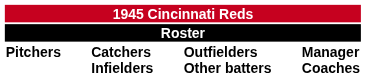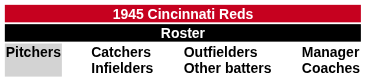 <table class="toccolours" style="font-size: 95%;">
 <tr>
 <th colspan="10" style="background-color: #c6011f; color: white; text-align: center;">1945 Cincinnati Reds</th>
 </tr>
 <tr>
 <td colspan="10" style="background-color: black; color: white; text-align: center;"><strong>Roster</strong></td>
 </tr>
 <tr>
-<td valign="top"><strong>Pitchers</strong><br>               </td>
+<td valign="top" style="background: lightgrey;"><strong>Pitchers</strong><br>               </td>
 <td width="25px"></td>
 <td valign="top"><strong>Catchers</strong><br>    <strong>Infielders</strong>      </td>
 <td width="25px"></td>
 <td valign="top"><strong>Outfielders</strong><br>       <strong>Other batters</strong> </td>
 <td width="25px"></td>
 <td valign="top"><strong>Manager</strong><br> <strong>Coaches</strong>  </td>
 </tr>
 </table>
